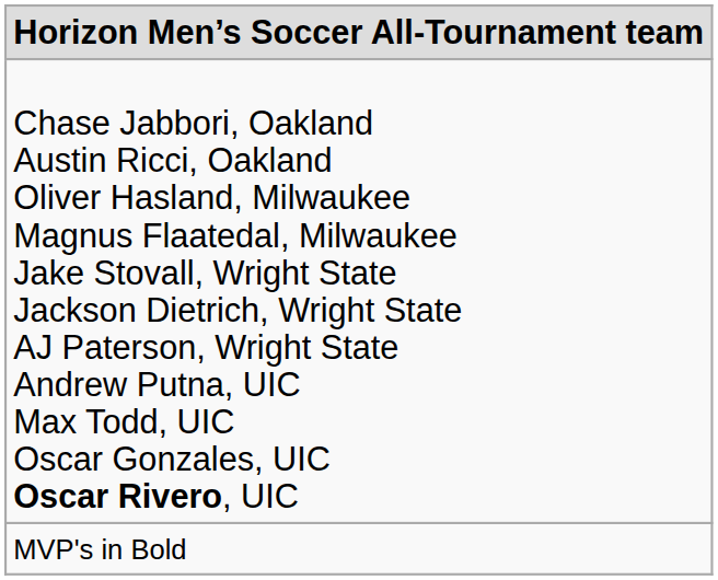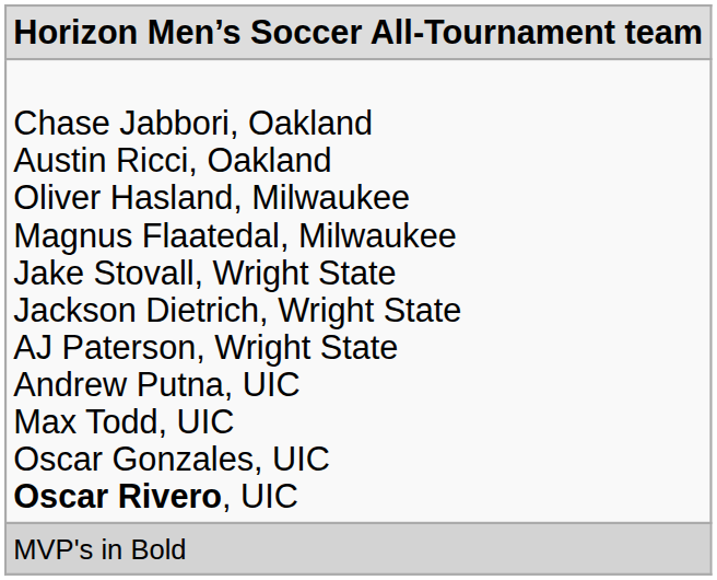 <table class="wikitable" style="white-space:nowrap; font-size:90%;">
 <tr>
 <td colspan="7" style="text-align:center; background:#ddd;"><strong>Horizon Men’s Soccer All-Tournament team</strong></td>
 </tr>
 <tr>
 <td><br>Chase Jabbori, Oakland<br> Austin Ricci, Oakland<br> Oliver Hasland, Milwaukee<br> Magnus Flaatedal, Milwaukee<br> Jake Stovall, Wright State<br> Jackson Dietrich, Wright State<br> AJ Paterson, Wright State<br> Andrew Putna, UIC<br> Max Todd, UIC<br> Oscar Gonzales, UIC<br> <strong>Oscar Rivero</strong>, UIC<br></td>
 </tr>
 <tr>
-<td><small>MVP's in Bold</small></td>
+<td style="background: lightgrey;"><small>MVP's in Bold</small></td>
 </tr>
 </table>
